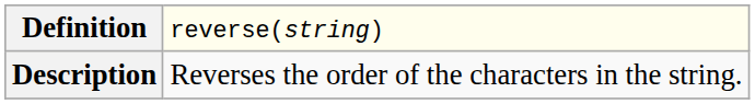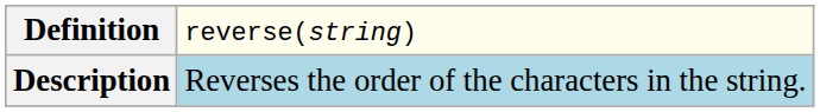 <table class="wikitable">
 <tr style="background:#fffeed;">
 <th>Definition</th>
 <td><code>reverse(<em>string</em>)</code></td>
 </tr>
 <tr>
 <th>Description</th>
-<td>Reverses the order of the characters in the string.</td>
+<td style="background: lightblue;">Reverses the order of the characters in the string.</td>
 </tr>
 </table>
